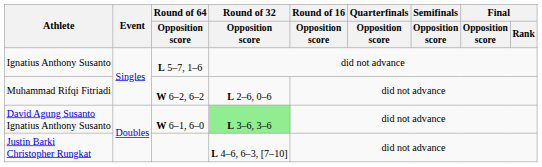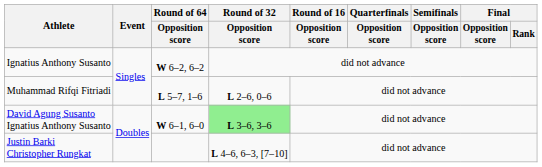 <table class=wikitable style="font-size:90%; text-align:center;">
 <tr>
 <th rowspan="2">Athlete</th>
 <th rowspan="2">Event</th>
 <th>Round of 64</th>
 <th>Round of 32</th>
 <th>Round of 16</th>
 <th>Quarterfinals</th>
 <th>Semifinals</th>
 <th colspan=2>Final</th>
 </tr>
 <tr style="font-size:95%">
 <th>Opposition<br> score</th>
 <th>Opposition<br> score</th>
 <th>Opposition<br> score</th>
 <th>Opposition<br> score</th>
 <th>Opposition<br> score</th>
 <th>Opposition<br> score</th>
 <th>Rank</th>
 </tr>
 <tr>
 <td align=left>Ignatius Anthony Susanto</td>
 <td align=left rowspan=2><a href='#'>Singles</a></td>
-<td><br><strong>L</strong> 5–7, 1–6</td>
+<td><br><strong>W</strong> 6–2, 6–2</td>
 <td colspan=6>did not advance</td>
 </tr>
 <tr>
 <td align=left>Muhammad Rifqi Fitriadi</td>
-<td><br><strong>W</strong> 6–2, 6–2</td>
+<td><br><strong>L</strong> 5–7, 1–6</td>
 <td><br><strong>L</strong> 2–6, 0–6</td>
 <td colspan=5>did not advance</td>
 </tr>
 <tr>
 <td align=left><a href='#'>David Agung Susanto</a><br>Ignatius Anthony Susanto</td>
 <td align=left rowspan=2><a href='#'>Doubles</a></td>
 <td><br><strong>W</strong> 6–1, 6–0</td>
 <td style="background: lightgreen;"><br><strong>L</strong> 3–6, 3–6</td>
 <td colspan=5>did not advance</td>
 </tr>
 <tr>
 <td align=left><a href='#'>Justin Barki</a><br><a href='#'>Christopher Rungkat</a></td>
 <td></td>
 <td><br><strong>L</strong> 4–6, 6–3, [7–10]</td>
 <td colspan=5>did not advance</td>
 </tr>
 </table>
